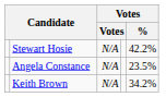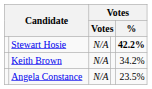 <table class=wikitable style="font-size:95%;">
 <tr>
 <th colspan="2" scope="col" rowspan="2" width="125">Candidate</th>
 <th scope="col" colspan="3" width="75">Votes</th>
 </tr>
 <tr>
 <th scope="col" colspan="2">Votes</th>
 <th>%</th>
 </tr>
 <tr align="right">
 <td style="background-color: "></td>
 <td scope="row" align="left"><a href='#'>Stewart Hosie</a></td>
 <td align="right"><em>N/A</em></td>
 <td align=center></td>
-<td>42.2%</td>
+<td><strong>42.2%</strong></td>
+</tr>
+<tr align="right">
+<td style="background-color: "></td>
+<td scope="row" align="left"><a href='#'>Keith Brown</a></td>
+<td align="right"><em>N/A</em></td>
+<td align=center></td>
+<td>34.2%</td>
 </tr>
 <tr align="right">
 <td style="background-color: "></td>
 <td scope="row" align="left"><a href='#'>Angela Constance</a> </td>
 <td align="right"><em>N/A</em></td>
 <td align=center></td>
 <td>23.5%</td>
 </tr>
-<tr align="right">
-<td style="background-color: "></td>
-<td scope="row" align="left"><a href='#'>Keith Brown</a></td>
-<td align="right"><em>N/A</em></td>
-<td align=center></td>
-<td>34.2%</td>
-</tr>
 </table>
